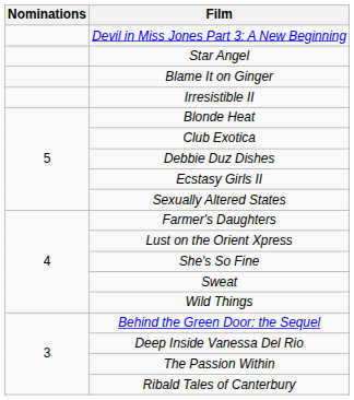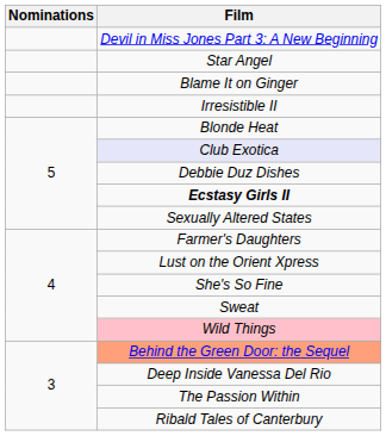 <table class="wikitable sortable" style="text-align: center">
 <tr>
 <th scope="col" width="55">Nominations</th>
 <th scope="col" align="center">Film</th>
 </tr>
 <tr>
 <td></td>
 <td><em><a href='#'>Devil in Miss Jones Part 3: A New Beginning</a></em></td>
 </tr>
 <tr>
 <td></td>
 <td><em>Star Angel</em></td>
 </tr>
 <tr>
 <td></td>
 <td><em>Blame It on Ginger</em></td>
 </tr>
 <tr>
 <td></td>
 <td><em>Irresistible II</em></td>
 </tr>
 <tr>
 <td rowspan=5 style="text-align:center">5</td>
 <td><em>Blonde Heat</em></td>
 </tr>
 <tr>
-<td><em>Club Exotica</em></td>
+<td style="background: lavender;"><em>Club Exotica</em></td>
 </tr>
 <tr>
 <td><em>Debbie Duz Dishes</em></td>
 </tr>
 <tr>
-<td><em>Ecstasy Girls II</em></td>
+<td><strong><em>Ecstasy Girls II</em></strong></td>
 </tr>
 <tr>
 <td><em>Sexually Altered States</em></td>
 </tr>
 <tr>
 <td rowspan=5 style="text-align:center">4</td>
 <td><em>Farmer's Daughters</em></td>
 </tr>
 <tr>
 <td><em>Lust on the Orient Xpress</em></td>
 </tr>
 <tr>
 <td><em>She's So Fine</em></td>
 </tr>
 <tr>
 <td><em>Sweat</em></td>
 </tr>
 <tr>
-<td><em>Wild Things</em></td>
+<td style="background: pink;"><em>Wild Things</em></td>
 </tr>
 <tr>
 <td rowspan=4 style="text-align:center">3</td>
-<td><em><a href='#'>Behind the Green Door: the Sequel</a></em></td>
+<td style="background: lightsalmon;"><em><a href='#'>Behind the Green Door: the Sequel</a></em></td>
 </tr>
 <tr>
 <td><em>Deep Inside Vanessa Del Rio</em></td>
 </tr>
 <tr>
 <td><em>The Passion Within</em></td>
 </tr>
 <tr>
 <td><em>Ribald Tales of Canterbury</em></td>
 </tr>
 </table>
